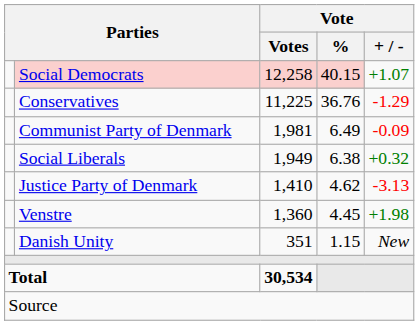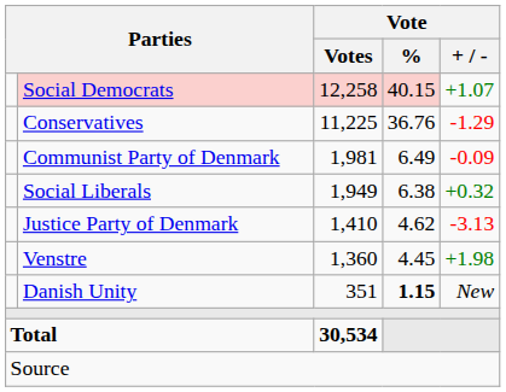 <table class="wikitable" style="text-align:right;">
 <tr>
 <th style="text-align:centre;" rowspan="2" colspan="2" width="225">Parties</th>
 <th colspan="3">Vote</th>
 </tr>
 <tr>
 <th width="15">Votes</th>
 <th width="15">%</th>
 <th width="15">+ / -</th>
 </tr>
 <tr>
 <td width="2" style="color:inherit;background:"></td>
 <td bgcolor=#fbd0ce  align="left"><a href='#'>Social Democrats</a></td>
 <td bgcolor=#fbd0ce>12,258</td>
 <td bgcolor=#fbd0ce>40.15</td>
 <td style=color:green;>+1.07</td>
 </tr>
 <tr>
 <td width="2" style="color:inherit;background:"></td>
 <td align="left"><a href='#'>Conservatives</a></td>
 <td>11,225</td>
 <td>36.76</td>
 <td style=color:red;>-1.29</td>
 </tr>
 <tr>
 <td width="2" style="color:inherit;background:"></td>
 <td align="left"><a href='#'>Communist Party of Denmark</a></td>
 <td>1,981</td>
 <td>6.49</td>
 <td style=color:red;>-0.09</td>
 </tr>
 <tr>
 <td width="2" style="color:inherit;background:"></td>
 <td align="left"><a href='#'>Social Liberals</a></td>
 <td>1,949</td>
 <td>6.38</td>
 <td style=color:green;>+0.32</td>
 </tr>
 <tr>
 <td width="2" style="color:inherit;background:"></td>
 <td align="left"><a href='#'>Justice Party of Denmark</a></td>
 <td>1,410</td>
 <td>4.62</td>
 <td style=color:red;>-3.13</td>
 </tr>
 <tr>
 <td width="2" style="color:inherit;background:"></td>
 <td align="left"><a href='#'>Venstre</a></td>
 <td>1,360</td>
 <td>4.45</td>
 <td style=color:green;>+1.98</td>
 </tr>
 <tr>
 <td width="2" style="color:inherit;background:"></td>
 <td align="left"><a href='#'>Danish Unity</a></td>
 <td>351</td>
-<td>1.15</td>
+<td><strong>1.15</strong></td>
 <td><em>New</em></td>
 </tr>
 <tr>
 <td colspan="7" bgcolor="#E9E9E9"></td>
 </tr>
 <tr>
 <td align="left" colspan="2"><strong>Total</strong></td>
 <td><strong>30,534</strong></td>
 <td bgcolor="#E9E9E9" colspan="2"></td>
 </tr>
 <tr>
 <td align="left" colspan="6">Source</td>
 </tr>
 </table>
